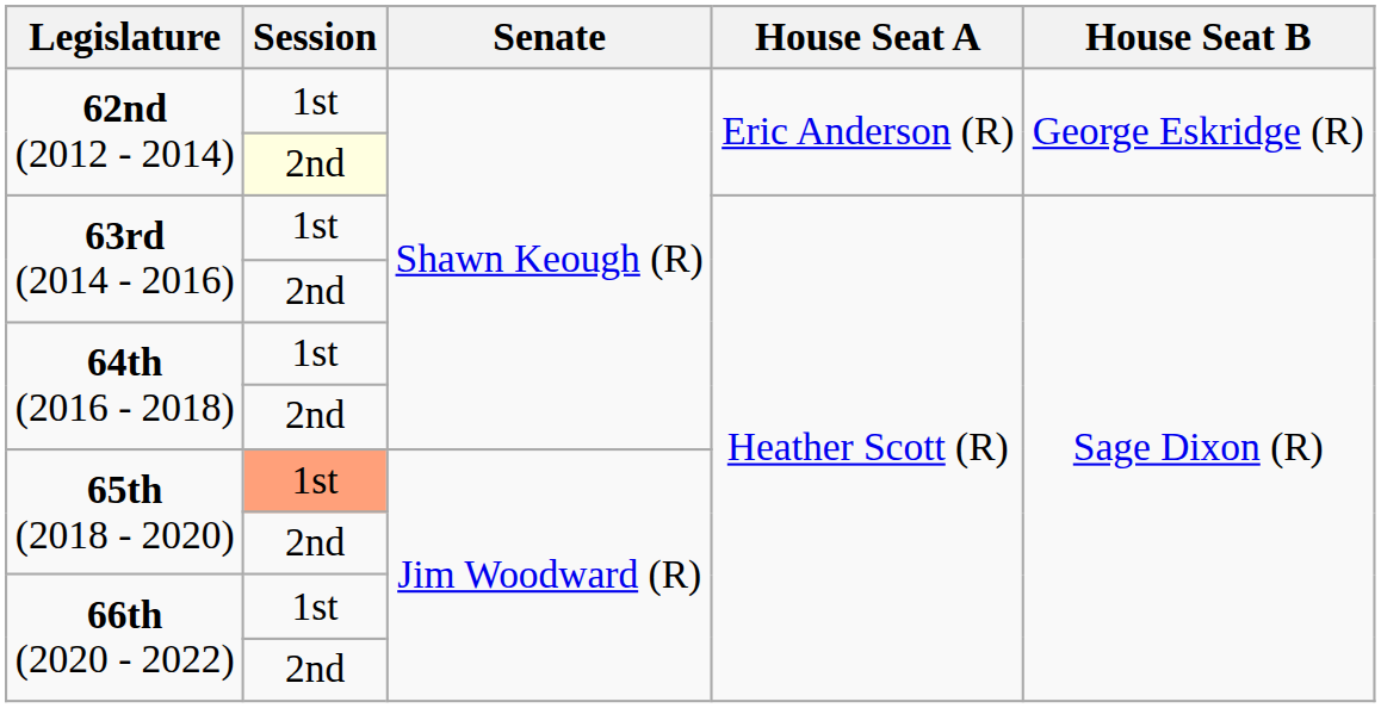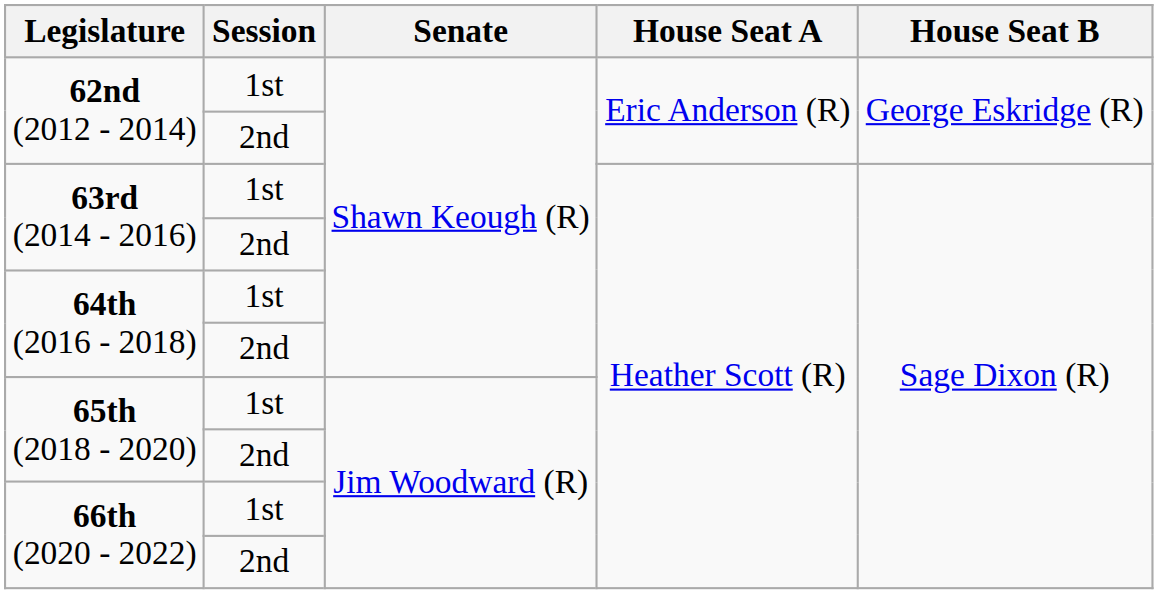 <table class=wikitable style="text-align:center">
 <tr>
 <th>Legislature</th>
 <th>Session</th>
 <th>Senate</th>
 <th>House Seat A</th>
 <th>House Seat B</th>
 </tr>
 <tr>
 <td rowspan="2"><strong>62nd</strong> <br> (2012 - 2014)</td>
 <td>1st</td>
 <td rowspan="6" ><a href='#'>Shawn Keough</a> (R)</td>
 <td rowspan="2" ><a href='#'>Eric Anderson</a> (R)</td>
 <td rowspan="2" ><a href='#'>George Eskridge</a> (R)</td>
 </tr>
 <tr>
-<td style="background: lightyellow;">2nd</td>
+<td>2nd</td>
 </tr>
 <tr>
 <td rowspan="2"><strong>63rd</strong> <br> (2014 - 2016)</td>
 <td>1st</td>
 <td rowspan="8" ><a href='#'>Heather Scott</a> (R)</td>
 <td rowspan="8" ><a href='#'>Sage Dixon</a> (R)</td>
 </tr>
 <tr>
 <td>2nd</td>
 </tr>
 <tr>
 <td rowspan="2"><strong>64th</strong> <br> (2016 - 2018)</td>
 <td>1st</td>
 </tr>
 <tr>
 <td>2nd</td>
 </tr>
 <tr>
 <td rowspan="2"><strong>65th</strong> <br> (2018 - 2020)</td>
-<td style="background: lightsalmon;">1st</td>
+<td>1st</td>
 <td rowspan="4" ><a href='#'>Jim Woodward</a> (R)</td>
 </tr>
 <tr>
 <td>2nd</td>
 </tr>
 <tr>
 <td rowspan="2"><strong>66th</strong> <br> (2020 - 2022)</td>
 <td>1st</td>
 </tr>
 <tr>
 <td>2nd</td>
 </tr>
 </table>
